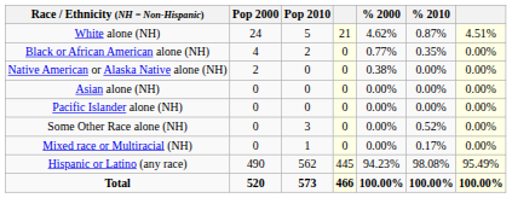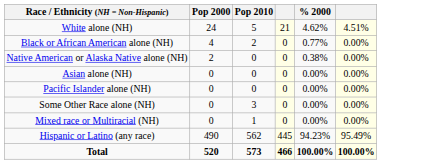 <table class="wikitable" style="text-align:center;">
 <tr>
 <th>Race / Ethnicity <small>(<em>NH = Non-Hispanic</em>)</small></th>
 <th>Pop 2000</th>
 <th>Pop 2010</th>
 <th></th>
 <th>% 2000</th>
-<th>% 2010</th>
 <th></th>
 </tr>
 <tr>
 <td><a href='#'>White</a> alone (NH)</td>
 <td>24</td>
 <td>5</td>
 <td style='background: #ffffe6;'>21</td>
 <td>4.62%</td>
-<td>0.87%</td>
 <td style='background: #ffffe6;'>4.51%</td>
 </tr>
 <tr>
 <td><a href='#'>Black or African American</a> alone (NH)</td>
 <td>4</td>
 <td>2</td>
 <td style='background: #ffffe6;'>0</td>
 <td>0.77%</td>
-<td>0.35%</td>
 <td style='background: #ffffe6;'>0.00%</td>
 </tr>
 <tr>
 <td><a href='#'>Native American</a> or <a href='#'>Alaska Native</a> alone (NH)</td>
 <td>2</td>
 <td>0</td>
 <td style='background: #ffffe6;'>0</td>
 <td>0.38%</td>
-<td>0.00%</td>
 <td style='background: #ffffe6;'>0.00%</td>
 </tr>
 <tr>
 <td><a href='#'>Asian</a> alone (NH)</td>
 <td>0</td>
 <td>0</td>
 <td style='background: #ffffe6;'>0</td>
-<td>0.00%</td>
 <td>0.00%</td>
 <td style='background: #ffffe6;'>0.00%</td>
 </tr>
 <tr>
 <td><a href='#'>Pacific Islander</a> alone (NH)</td>
 <td>0</td>
 <td>0</td>
 <td style='background: #ffffe6;'>0</td>
 <td>0.00%</td>
-<td>0.00%</td>
 <td style='background: #ffffe6;'>0.00%</td>
 </tr>
 <tr>
 <td>Some Other Race alone (NH)</td>
 <td>0</td>
 <td>3</td>
 <td style='background: #ffffe6;'>0</td>
 <td>0.00%</td>
-<td>0.52%</td>
 <td style='background: #ffffe6;'>0.00%</td>
 </tr>
 <tr>
 <td><a href='#'>Mixed race or Multiracial</a> (NH)</td>
 <td>0</td>
 <td>1</td>
 <td style='background: #ffffe6;'>0</td>
 <td>0.00%</td>
-<td>0.17%</td>
 <td style='background: #ffffe6;'>0.00%</td>
 </tr>
 <tr>
 <td><a href='#'>Hispanic or Latino</a> (any race)</td>
 <td>490</td>
 <td>562</td>
 <td style='background: #ffffe6;'>445</td>
 <td>94.23%</td>
-<td>98.08%</td>
 <td style='background: #ffffe6;'>95.49%</td>
 </tr>
 <tr>
 <td><strong>Total</strong></td>
 <td><strong>520</strong></td>
 <td><strong>573</strong></td>
 <td style='background: #ffffe6;'><strong>466</strong></td>
 <td><strong>100.00%</strong></td>
-<td><strong>100.00%</strong></td>
 <td style='background: #ffffe6;'><strong>100.00%</strong></td>
 </tr>
 </table>
